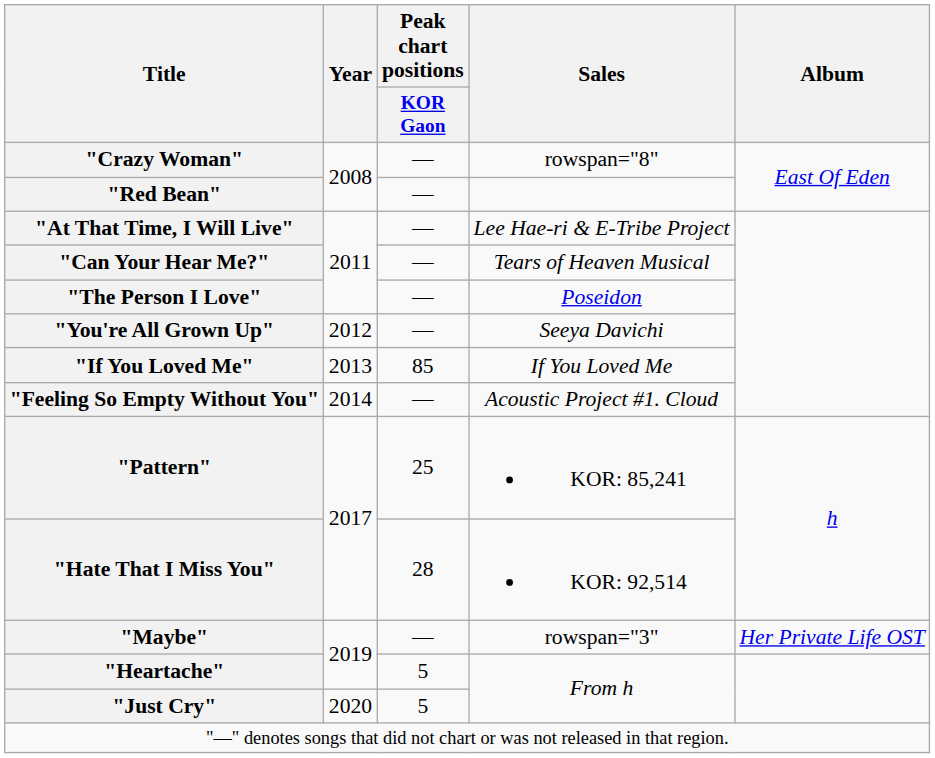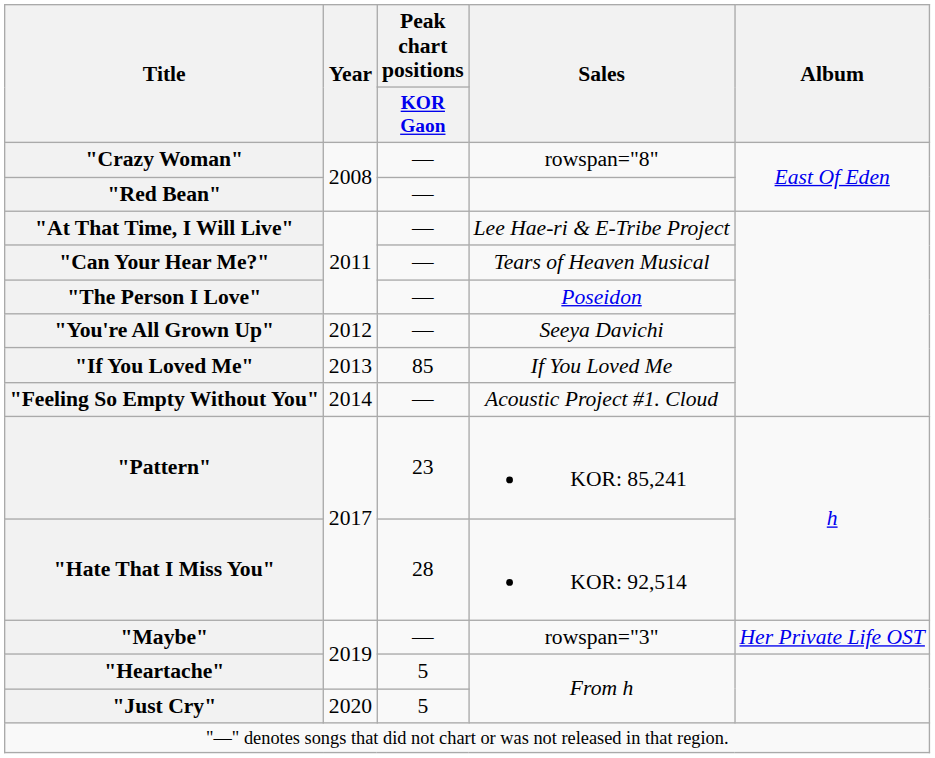 <table class="wikitable plainrowheaders" style="text-align:center">
 <tr>
 <th scope="col" rowspan="2">Title</th>
 <th scope="col" rowspan="2">Year</th>
 <th scope="col">Peak chart positions</th>
 <th scope="col" rowspan="2">Sales</th>
 <th scope="col" rowspan="2">Album</th>
 </tr>
 <tr>
 <th style="width:3em;font-size:90%"><a href='#'>KOR<br>Gaon</a><br></th>
 </tr>
 <tr>
 <th scope="row">"Crazy Woman"<br></th>
 <td rowspan="2">2008</td>
 <td>—</td>
 <td>rowspan="8" </td>
 <td rowspan="2"><em><a href='#'>East Of Eden</a></em></td>
 </tr>
 <tr>
 <th scope="row">"Red Bean"</th>
 <td>—</td>
 </tr>
 <tr>
 <th scope="row">"At That Time, I Will Live"</th>
 <td rowspan="3">2011</td>
 <td>—</td>
 <td><em>Lee Hae-ri & E-Tribe Project</em></td>
 </tr>
 <tr>
 <th scope="row">"Can Your Hear Me?"</th>
 <td>—</td>
 <td><em>Tears of Heaven Musical</em></td>
 </tr>
 <tr>
 <th scope="row">"The Person I Love"</th>
 <td>—</td>
 <td><em><a href='#'>Poseidon</a></em></td>
 </tr>
 <tr>
 <th scope="row">"You're All Grown Up"<br></th>
 <td>2012</td>
 <td>—</td>
 <td><em>Seeya Davichi</em></td>
 </tr>
 <tr>
 <th scope="row">"If You Loved Me"<br></th>
 <td>2013</td>
 <td>85</td>
 <td><em>If You Loved Me</em></td>
 </tr>
 <tr>
 <th scope="row">"Feeling So Empty Without You"<br></th>
 <td>2014</td>
 <td>—</td>
 <td><em>Acoustic Project #1. Cloud</em></td>
 </tr>
 <tr>
 <th scope="row">"Pattern"</th>
 <td rowspan="2">2017</td>
-<td>25</td>
+<td>23</td>
 <td><br><ul><li>KOR: 85,241</li></ul></td>
 <td rowspan="2"><em><a href='#'>h</a></em></td>
 </tr>
 <tr>
 <th scope="row">"Hate That I Miss You"</th>
 <td>28</td>
 <td><br><ul><li>KOR: 92,514</li></ul></td>
 </tr>
 <tr>
 <th scope="row">"Maybe"</th>
 <td rowspan="2">2019</td>
 <td>—</td>
 <td>rowspan="3" </td>
 <td><em><a href='#'>Her Private Life OST</a></em></td>
 </tr>
 <tr>
 <th scope="row">"Heartache" </th>
 <td>5</td>
 <td rowspan="2"><em>From h</em></td>
 </tr>
 <tr>
 <th scope="row">"Just Cry"<br></th>
 <td>2020</td>
 <td>5</td>
 </tr>
 <tr>
 <td colspan="5" style="font-size:85%">"—" denotes songs that did not chart or was not released in that region.</td>
 </tr>
 </table>
